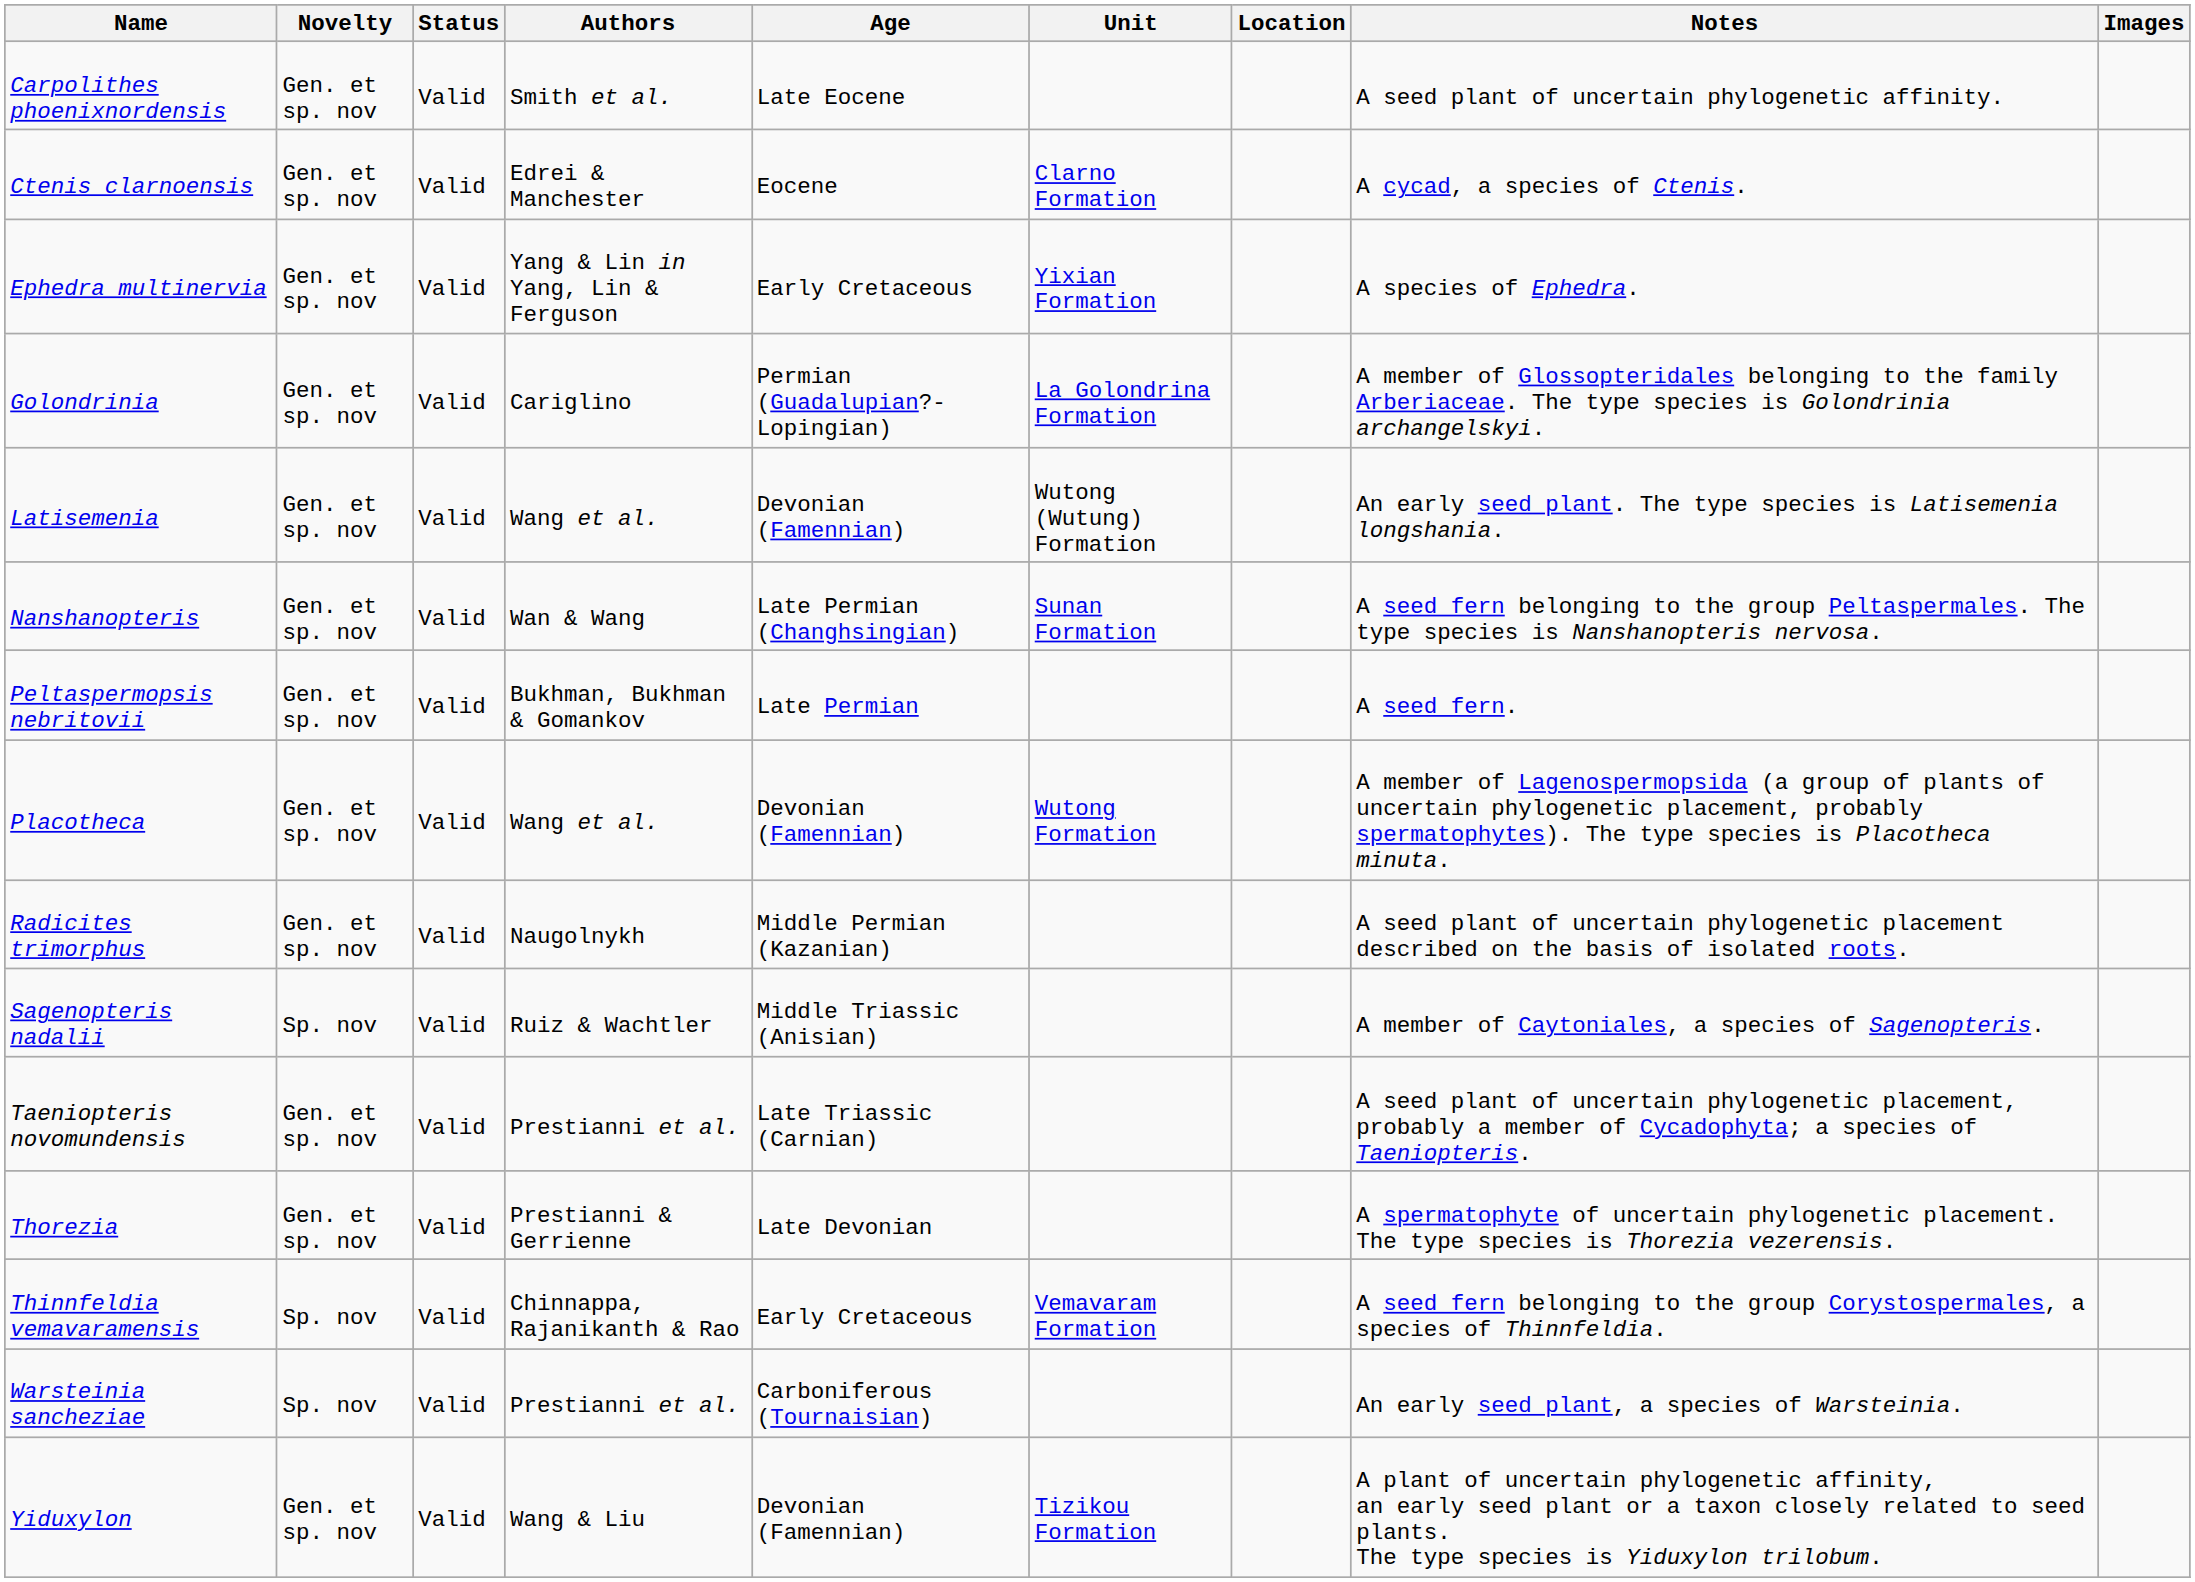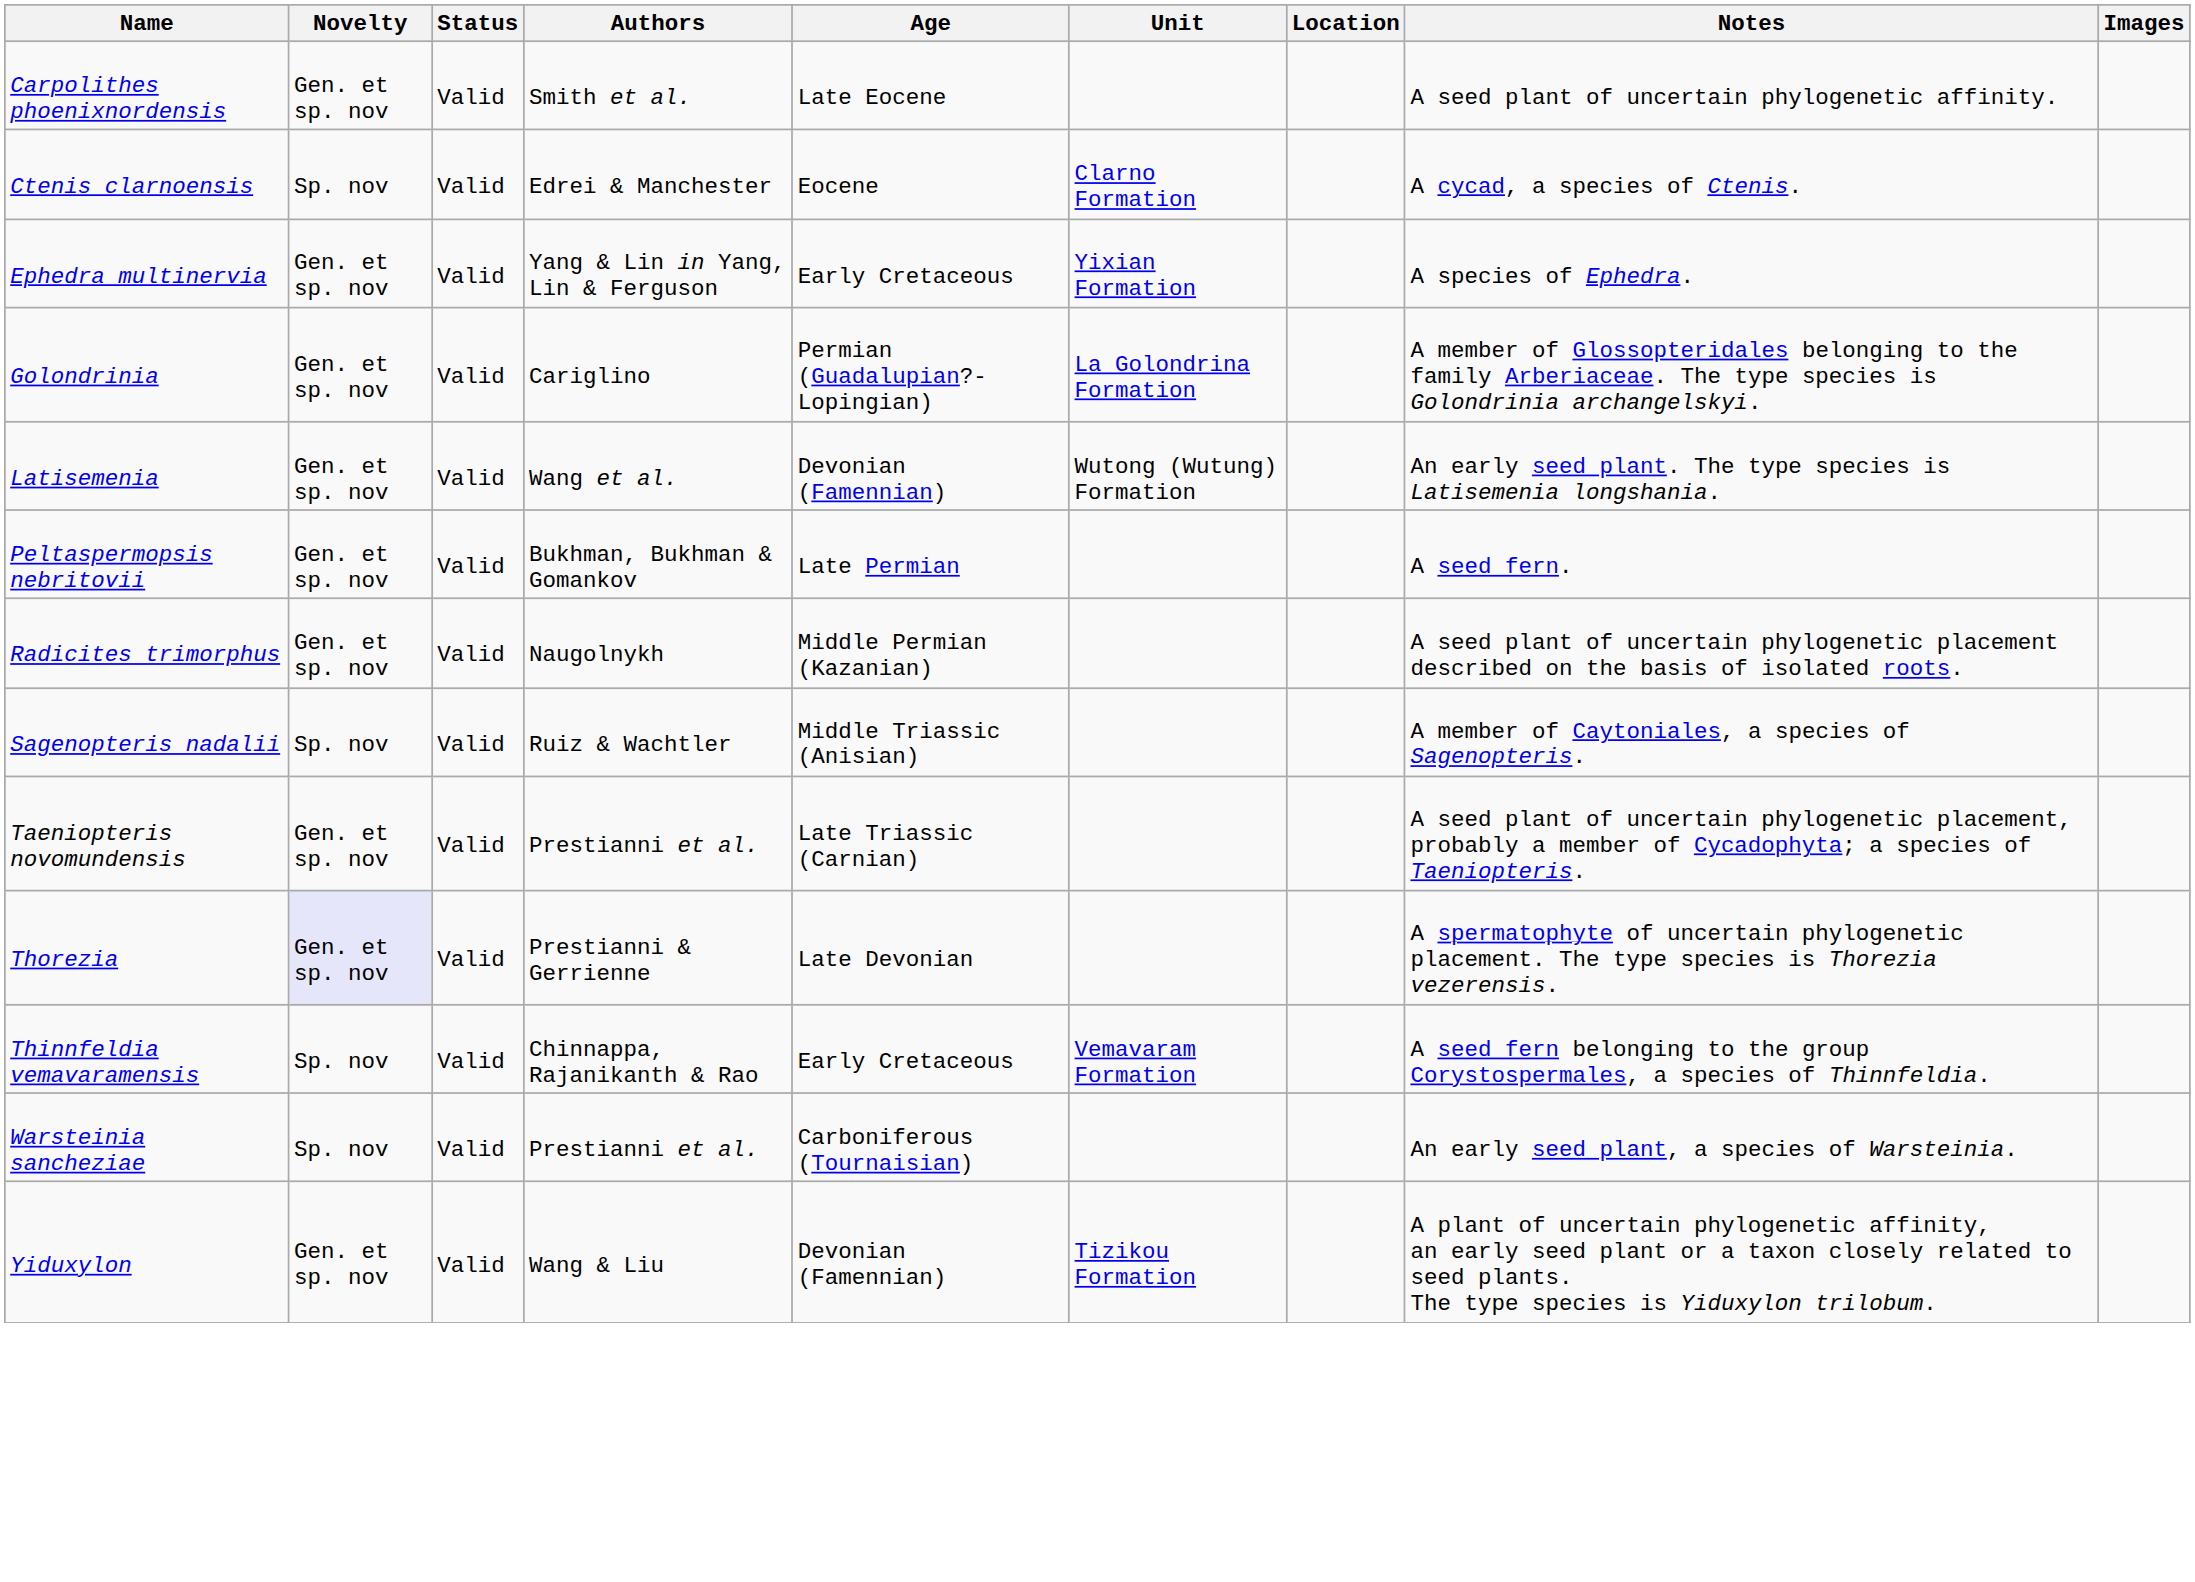 <table class="wikitable sortable" align="center" width="100%">
 <tr>
 <th>Name</th>
 <th>Novelty</th>
 <th>Status</th>
 <th>Authors</th>
 <th>Age</th>
 <th>Unit</th>
 <th>Location</th>
 <th>Notes</th>
 <th>Images</th>
 </tr>
 <tr>
 <td><br><em><a href='#'>Carpolithes phoenixnordensis</a></em></td>
 <td><br>Gen. et sp. nov</td>
 <td><br>Valid</td>
 <td><br>Smith <em>et al.</em></td>
 <td><br>Late Eocene</td>
 <td></td>
 <td><br></td>
 <td><br>A seed plant of uncertain phylogenetic affinity.</td>
 <td></td>
 </tr>
 <tr>
 <td><br><em><a href='#'>Ctenis clarnoensis</a></em></td>
-<td><br>Gen. et sp. nov</td>
+<td><br>Sp. nov</td>
 <td><br>Valid</td>
 <td><br>Edrei & Manchester</td>
 <td><br>Eocene</td>
 <td><br><a href='#'>Clarno Formation</a></td>
 <td><br></td>
 <td><br>A <a href='#'>cycad</a>, a species of <em><a href='#'>Ctenis</a></em>.</td>
 <td></td>
 </tr>
 <tr>
 <td><br><em><a href='#'>Ephedra multinervia</a></em></td>
 <td><br>Gen. et sp. nov</td>
 <td><br>Valid</td>
 <td><br>Yang & Lin <em>in</em> Yang, Lin & Ferguson</td>
 <td><br>Early Cretaceous</td>
 <td><br><a href='#'>Yixian Formation</a></td>
 <td><br></td>
 <td><br>A species of <em><a href='#'>Ephedra</a></em>.</td>
 <td></td>
 </tr>
 <tr>
 <td><br><em><a href='#'>Golondrinia</a></em></td>
 <td><br>Gen. et sp. nov</td>
 <td><br>Valid</td>
 <td><br>Cariglino</td>
 <td><br>Permian (<a href='#'>Guadalupian</a>?-Lopingian)</td>
 <td><br><a href='#'>La Golondrina Formation</a></td>
 <td><br></td>
 <td><br>A member of <a href='#'>Glossopteridales</a> belonging to the family <a href='#'>Arberiaceae</a>. The type species is <em>Golondrinia archangelskyi</em>.</td>
 <td></td>
 </tr>
 <tr>
 <td><br><em><a href='#'>Latisemenia</a></em></td>
 <td><br>Gen. et sp. nov</td>
 <td><br>Valid</td>
 <td><br>Wang <em>et al.</em></td>
 <td><br>Devonian (<a href='#'>Famennian</a>)</td>
 <td><br>Wutong (Wutung) Formation</td>
 <td><br></td>
 <td><br>An early <a href='#'>seed plant</a>. The type species is <em>Latisemenia longshania</em>.</td>
 <td></td>
 </tr>
 <tr>
-<td><br><em><a href='#'>Nanshanopteris</a></em></td>
-<td><br>Gen. et sp. nov</td>
-<td><br>Valid</td>
-<td><br>Wan & Wang</td>
-<td><br>Late Permian (<a href='#'>Changhsingian</a>)</td>
-<td><br><a href='#'>Sunan Formation</a></td>
-<td><br></td>
-<td><br>A <a href='#'>seed fern</a> belonging to the group <a href='#'>Peltaspermales</a>. The type species is <em>Nanshanopteris nervosa</em>.</td>
-<td></td>
-</tr>
-<tr>
 <td><br><em><a href='#'>Peltaspermopsis nebritovii</a></em></td>
 <td><br>Gen. et sp. nov</td>
 <td><br>Valid</td>
 <td><br>Bukhman, Bukhman & Gomankov</td>
 <td><br>Late <a href='#'>Permian</a></td>
 <td></td>
 <td><br></td>
 <td><br>A <a href='#'>seed fern</a>.</td>
-<td></td>
-</tr>
-<tr>
-<td><br><em><a href='#'>Placotheca</a></em></td>
-<td><br>Gen. et sp. nov</td>
-<td><br>Valid</td>
-<td><br>Wang <em>et al.</em></td>
-<td><br>Devonian (<a href='#'>Famennian</a>)</td>
-<td><br><a href='#'>Wutong Formation</a></td>
-<td><br></td>
-<td><br>A member of <a href='#'>Lagenospermopsida</a> (a group of plants of uncertain phylogenetic placement, probably <a href='#'>spermatophytes</a>). The type species is <em>Placotheca minuta</em>.</td>
 <td></td>
 </tr>
 <tr>
 <td><br><em><a href='#'>Radicites trimorphus</a></em></td>
 <td><br>Gen. et sp. nov</td>
 <td><br>Valid</td>
 <td><br>Naugolnykh</td>
 <td><br>Middle Permian (Kazanian)</td>
 <td></td>
 <td><br></td>
 <td><br>A seed plant of uncertain phylogenetic placement described on the basis of isolated <a href='#'>roots</a>.</td>
 <td></td>
 </tr>
 <tr>
 <td><br><em><a href='#'>Sagenopteris nadalii</a></em></td>
 <td><br>Sp. nov</td>
 <td><br>Valid</td>
 <td><br>Ruiz & Wachtler</td>
 <td><br>Middle Triassic (Anisian)</td>
 <td></td>
 <td><br></td>
 <td><br>A member of <a href='#'>Caytoniales</a>, a species of <em><a href='#'>Sagenopteris</a></em>.</td>
 <td></td>
 </tr>
 <tr>
 <td><br><em>Taeniopteris novomundensis</em></td>
 <td><br>Gen. et sp. nov</td>
 <td><br>Valid</td>
 <td><br>Prestianni <em>et al.</em></td>
 <td><br>Late Triassic (Carnian)</td>
 <td></td>
 <td><br><br> </td>
 <td><br>A seed plant of uncertain phylogenetic placement, probably a member of <a href='#'>Cycadophyta</a>; a species of <em><a href='#'>Taeniopteris</a></em>.</td>
 <td></td>
 </tr>
 <tr>
 <td><br><em><a href='#'>Thorezia</a></em></td>
-<td><br>Gen. et sp. nov</td>
+<td style="background: lavender;"><br>Gen. et sp. nov</td>
 <td><br>Valid</td>
 <td><br>Prestianni & Gerrienne</td>
 <td><br>Late Devonian</td>
 <td></td>
 <td><br></td>
 <td><br>A <a href='#'>spermatophyte</a> of uncertain phylogenetic placement. The type species is <em>Thorezia vezerensis</em>.</td>
 <td></td>
 </tr>
 <tr>
 <td><br><em><a href='#'>Thinnfeldia vemavaramensis</a></em></td>
 <td><br>Sp. nov</td>
 <td><br>Valid</td>
 <td><br>Chinnappa, Rajanikanth & Rao</td>
 <td><br>Early Cretaceous</td>
 <td><br><a href='#'>Vemavaram Formation</a></td>
 <td><br></td>
 <td><br>A <a href='#'>seed fern</a> belonging to the group <a href='#'>Corystospermales</a>, a species of <em>Thinnfeldia</em>.</td>
 <td></td>
 </tr>
 <tr>
 <td><br><em><a href='#'>Warsteinia sancheziae</a></em></td>
 <td><br>Sp. nov</td>
 <td><br>Valid</td>
 <td><br>Prestianni <em>et al.</em></td>
 <td><br>Carboniferous (<a href='#'>Tournaisian</a>)</td>
 <td></td>
 <td><br></td>
 <td><br>An early <a href='#'>seed plant</a>, a species of <em>Warsteinia</em>.</td>
 <td></td>
 </tr>
 <tr>
 <td><br><em><a href='#'>Yiduxylon</a></em></td>
 <td><br>Gen. et sp. nov</td>
 <td><br>Valid</td>
 <td><br>Wang & Liu</td>
 <td><br>Devonian (Famennian)</td>
 <td><br><a href='#'>Tizikou Formation</a></td>
 <td><br></td>
 <td><br>A plant of uncertain phylogenetic affinity,<br> an early seed plant or a taxon closely related to seed plants.<br> The type species is <em>Yiduxylon trilobum</em>.</td>
 <td></td>
 </tr>
 <tr>
 </tr>
 </table>
